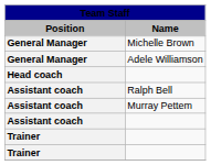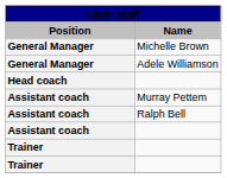 <table class="wikitable" style="text-align:left; font-size:90%;">
 <tr>
 <th style=background:DarkBlue colspan=2><span>Team Staff</span></th>
 </tr>
 <tr>
 <th width=60% style="background:silver;">Position</th>
 <th style="background:silver;">Name</th>
 </tr>
 <tr>
 <th style="text-align:left;">General Manager</th>
 <td>Michelle Brown</td>
 </tr>
 <tr>
 <th style="text-align:left;">General Manager</th>
 <td>Adele Williamson</td>
 </tr>
 <tr>
 <th style="text-align:left;">Head coach</th>
 <td></td>
 </tr>
 <tr>
 <th style="text-align:left;">Assistant coach</th>
-<td>Ralph Bell</td>
+<td>Murray Pettem</td>
 </tr>
 <tr>
 <th style="text-align:left;">Assistant coach</th>
-<td>Murray Pettem</td>
+<td>Ralph Bell</td>
 </tr>
 <tr>
 <th style="text-align:left;">Assistant coach</th>
 <td></td>
 </tr>
 <tr>
 <th style="text-align:left;">Trainer</th>
 <td></td>
 </tr>
 <tr>
 <th style="text-align:left;">Trainer</th>
 <td></td>
 </tr>
 <tr>
 </tr>
 </table>
